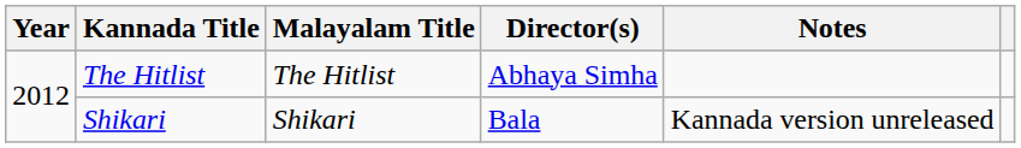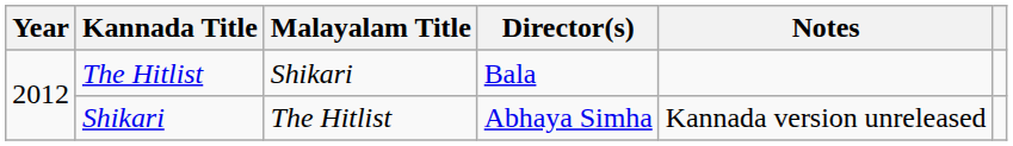 <table class="wikitable sortable">
 <tr>
 <th>Year</th>
 <th>Kannada Title</th>
 <th>Malayalam Title</th>
 <th>Director(s)</th>
 <th>Notes</th>
 <th class="unsortable"></th>
 </tr>
 <tr>
 <td rowspan="2">2012</td>
 <td><em><a href='#'>The Hitlist</a></em></td>
-<td><em>The Hitlist</em></td>
-<td><a href='#'>Abhaya Simha</a></td>
+<td><em>Shikari</em></td>
+<td><a href='#'>Bala</a></td>
 <td></td>
 <td></td>
 </tr>
 <tr>
 <td><em><a href='#'>Shikari</a></em></td>
-<td><em>Shikari</em></td>
-<td><a href='#'>Bala</a></td>
+<td><em>The Hitlist</em></td>
+<td><a href='#'>Abhaya Simha</a></td>
 <td>Kannada version unreleased</td>
 <td></td>
 </tr>
 </table>
